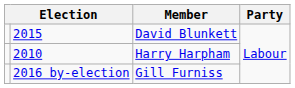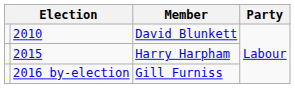 <table class="wikitable">
 <tr>
 <th colspan="2">Election</th>
 <th>Member</th>
 <th>Party</th>
 </tr>
 <tr>
 <td style="color:inherit;background-color: "></td>
-<td><a href='#'>2015</a></td>
+<td><a href='#'>2010</a></td>
 <td><a href='#'>David Blunkett</a></td>
 <td rowspan="3"><a href='#'>Labour</a></td>
 </tr>
 <tr>
 <td style="color:inherit;background-color: "></td>
-<td><a href='#'>2010</a></td>
+<td><a href='#'>2015</a></td>
 <td><a href='#'>Harry Harpham</a></td>
 </tr>
 <tr>
 <td style="color:inherit;background-color: "></td>
 <td><a href='#'>2016 by-election</a></td>
 <td><a href='#'>Gill Furniss</a></td>
 </tr>
 </table>
